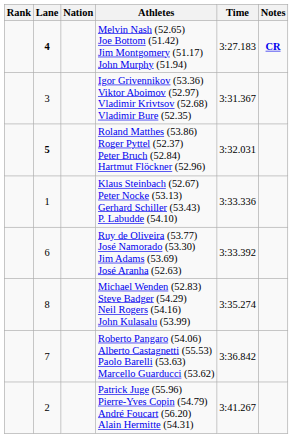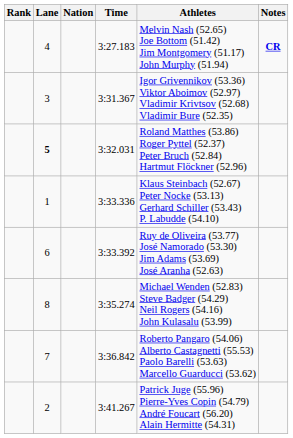 <table class="wikitable sortable" style="text-align:center">
 <tr>
 <th>Rank</th>
 <th>Lane</th>
 <th>Nation</th>
+<th>Time</th>
 <th>Athletes</th>
-<th>Time</th>
 <th>Notes</th>
 </tr>
 <tr>
 <td></td>
-<td><strong>4</strong></td>
+<td>4</td>
 <td align=left></td>
+<td>3:27.183</td>
 <td align=left><a href='#'>Melvin Nash</a> (52.65)<br><a href='#'>Joe Bottom</a> (51.42)<br><a href='#'>Jim Montgomery</a> (51.17)<br><a href='#'>John Murphy</a> (51.94)</td>
-<td>3:27.183</td>
 <td><strong><a href='#'>CR</a></strong></td>
 </tr>
 <tr>
 <td></td>
 <td>3</td>
 <td align=left></td>
+<td>3:31.367</td>
 <td align=left><a href='#'>Igor Grivennikov</a> (53.36)<br><a href='#'>Viktor Aboimov</a> (52.97)<br><a href='#'>Vladimir Krivtsov</a> (52.68)<br><a href='#'>Vladimir Bure</a> (52.35)</td>
-<td>3:31.367</td>
 <td></td>
 </tr>
 <tr>
 <td></td>
 <td><strong>5</strong></td>
 <td align=left></td>
+<td>3:32.031</td>
 <td align=left><a href='#'>Roland Matthes</a> (53.86)<br><a href='#'>Roger Pyttel</a> (52.37)<br><a href='#'>Peter Bruch</a> (52.84)<br><a href='#'>Hartmut Flöckner</a> (52.96)</td>
-<td>3:32.031</td>
 <td></td>
 </tr>
 <tr>
 <td></td>
 <td>1</td>
 <td align=left></td>
+<td>3:33.336</td>
 <td align=left><a href='#'>Klaus Steinbach</a> (52.67)<br><a href='#'>Peter Nocke</a> (53.13)<br><a href='#'>Gerhard Schiller</a> (53.43)<br><a href='#'>P. Labudde</a> (54.10)</td>
-<td>3:33.336</td>
 <td></td>
 </tr>
 <tr>
 <td></td>
 <td>6</td>
 <td align=left></td>
+<td>3:33.392</td>
 <td align=left><a href='#'>Ruy de Oliveira</a> (53.77)<br><a href='#'>José Namorado</a> (53.30)<br><a href='#'>Jim Adams</a> (53.69)<br><a href='#'>José Aranha</a> (52.63)</td>
-<td>3:33.392</td>
 <td></td>
 </tr>
 <tr>
 <td></td>
 <td>8</td>
 <td align=left></td>
+<td>3:35.274</td>
 <td align=left><a href='#'>Michael Wenden</a> (52.83)<br><a href='#'>Steve Badger</a> (54.29)<br><a href='#'>Neil Rogers</a> (54.16)<br><a href='#'>John Kulasalu</a> (53.99)</td>
-<td>3:35.274</td>
 <td></td>
 </tr>
 <tr>
 <td></td>
 <td>7</td>
 <td align=left></td>
+<td>3:36.842</td>
 <td align=left><a href='#'>Roberto Pangaro</a> (54.06)<br><a href='#'>Alberto Castagnetti</a> (55.53)<br><a href='#'>Paolo Barelli</a> (53.63)<br><a href='#'>Marcello Guarducci</a> (53.62)</td>
-<td>3:36.842</td>
 <td></td>
 </tr>
 <tr>
 <td></td>
 <td>2</td>
 <td align=left></td>
+<td>3:41.267</td>
 <td align=left><a href='#'>Patrick Juge</a> (55.96)<br><a href='#'>Pierre-Yves Copin</a> (54.79)<br><a href='#'>André Foucart</a> (56.20)<br><a href='#'>Alain Hermitte</a> (54.31)</td>
-<td>3:41.267</td>
 <td></td>
 </tr>
 </table>
